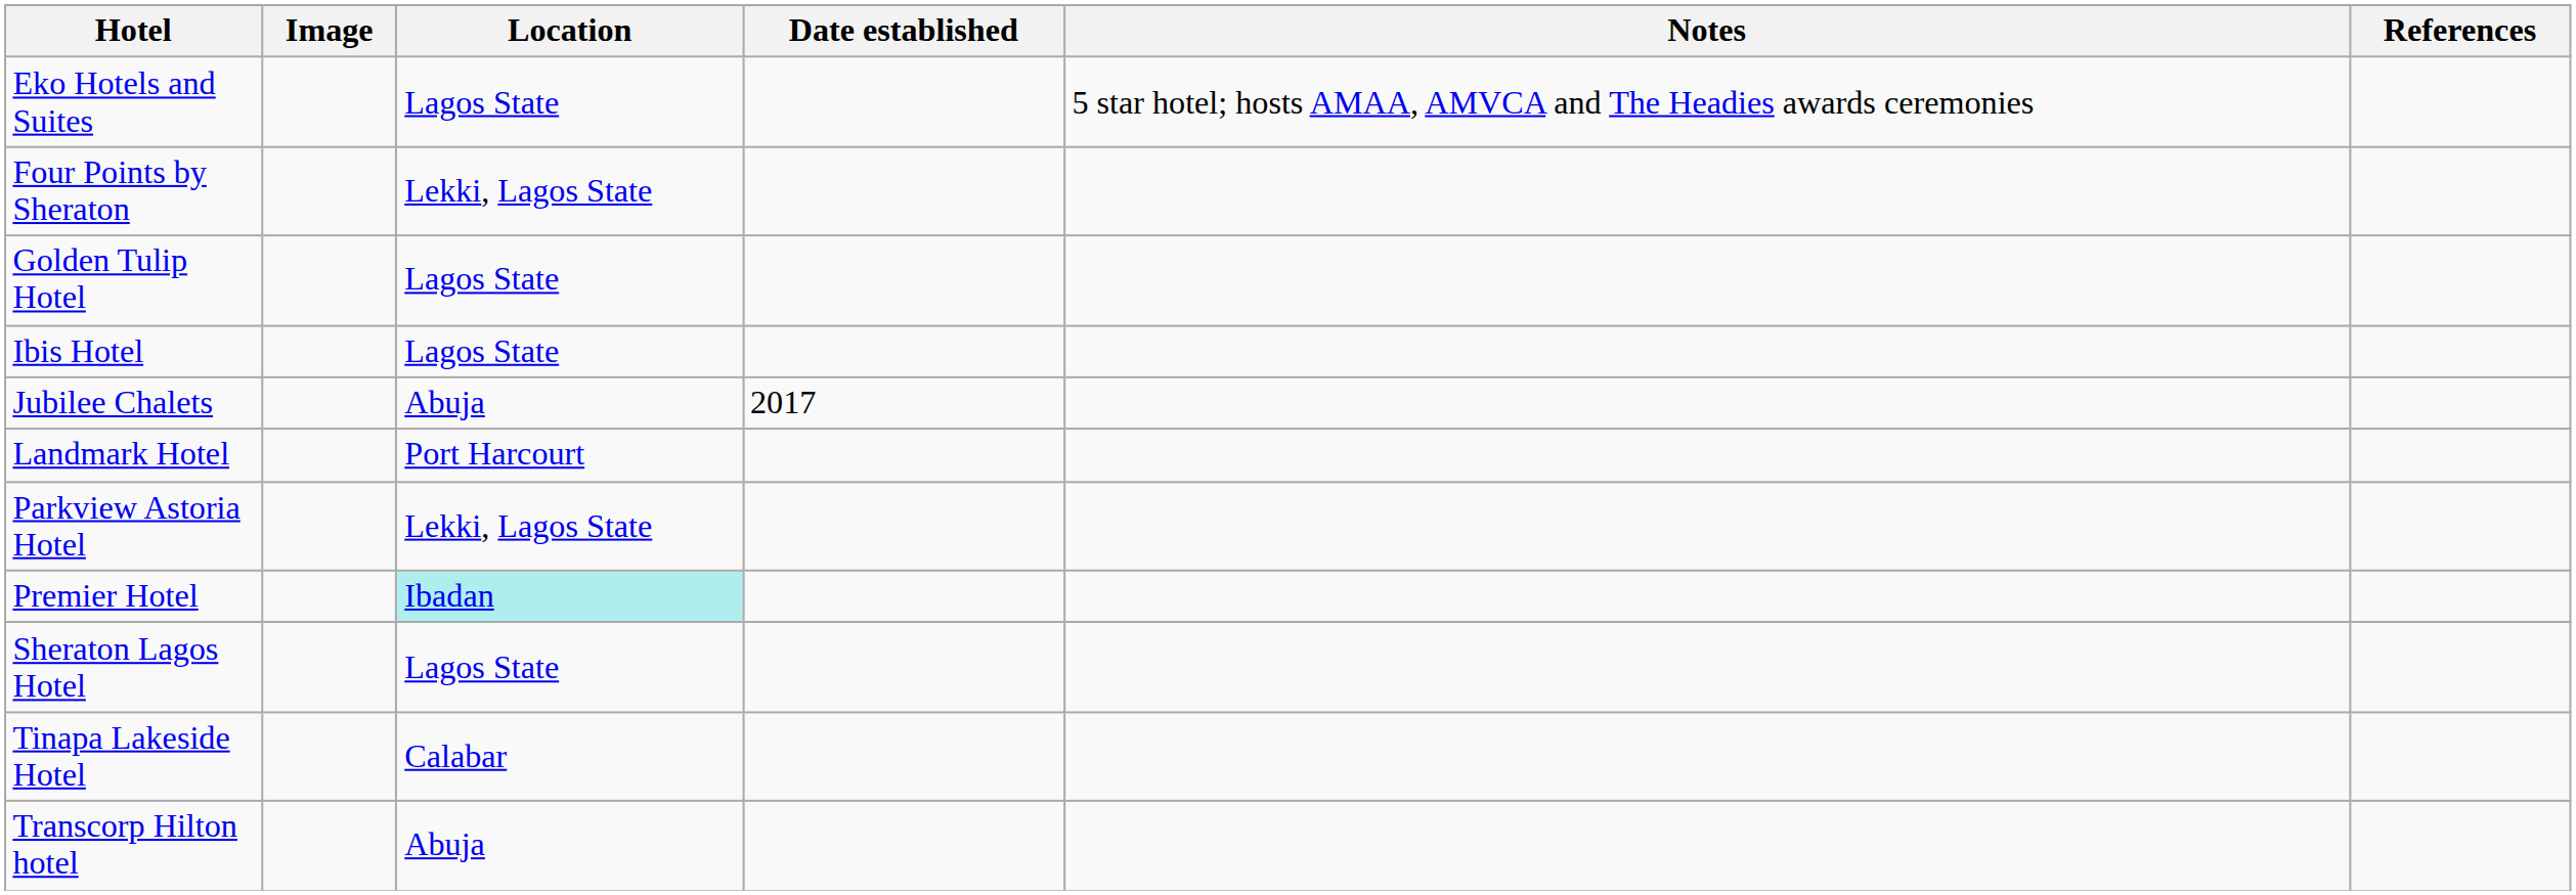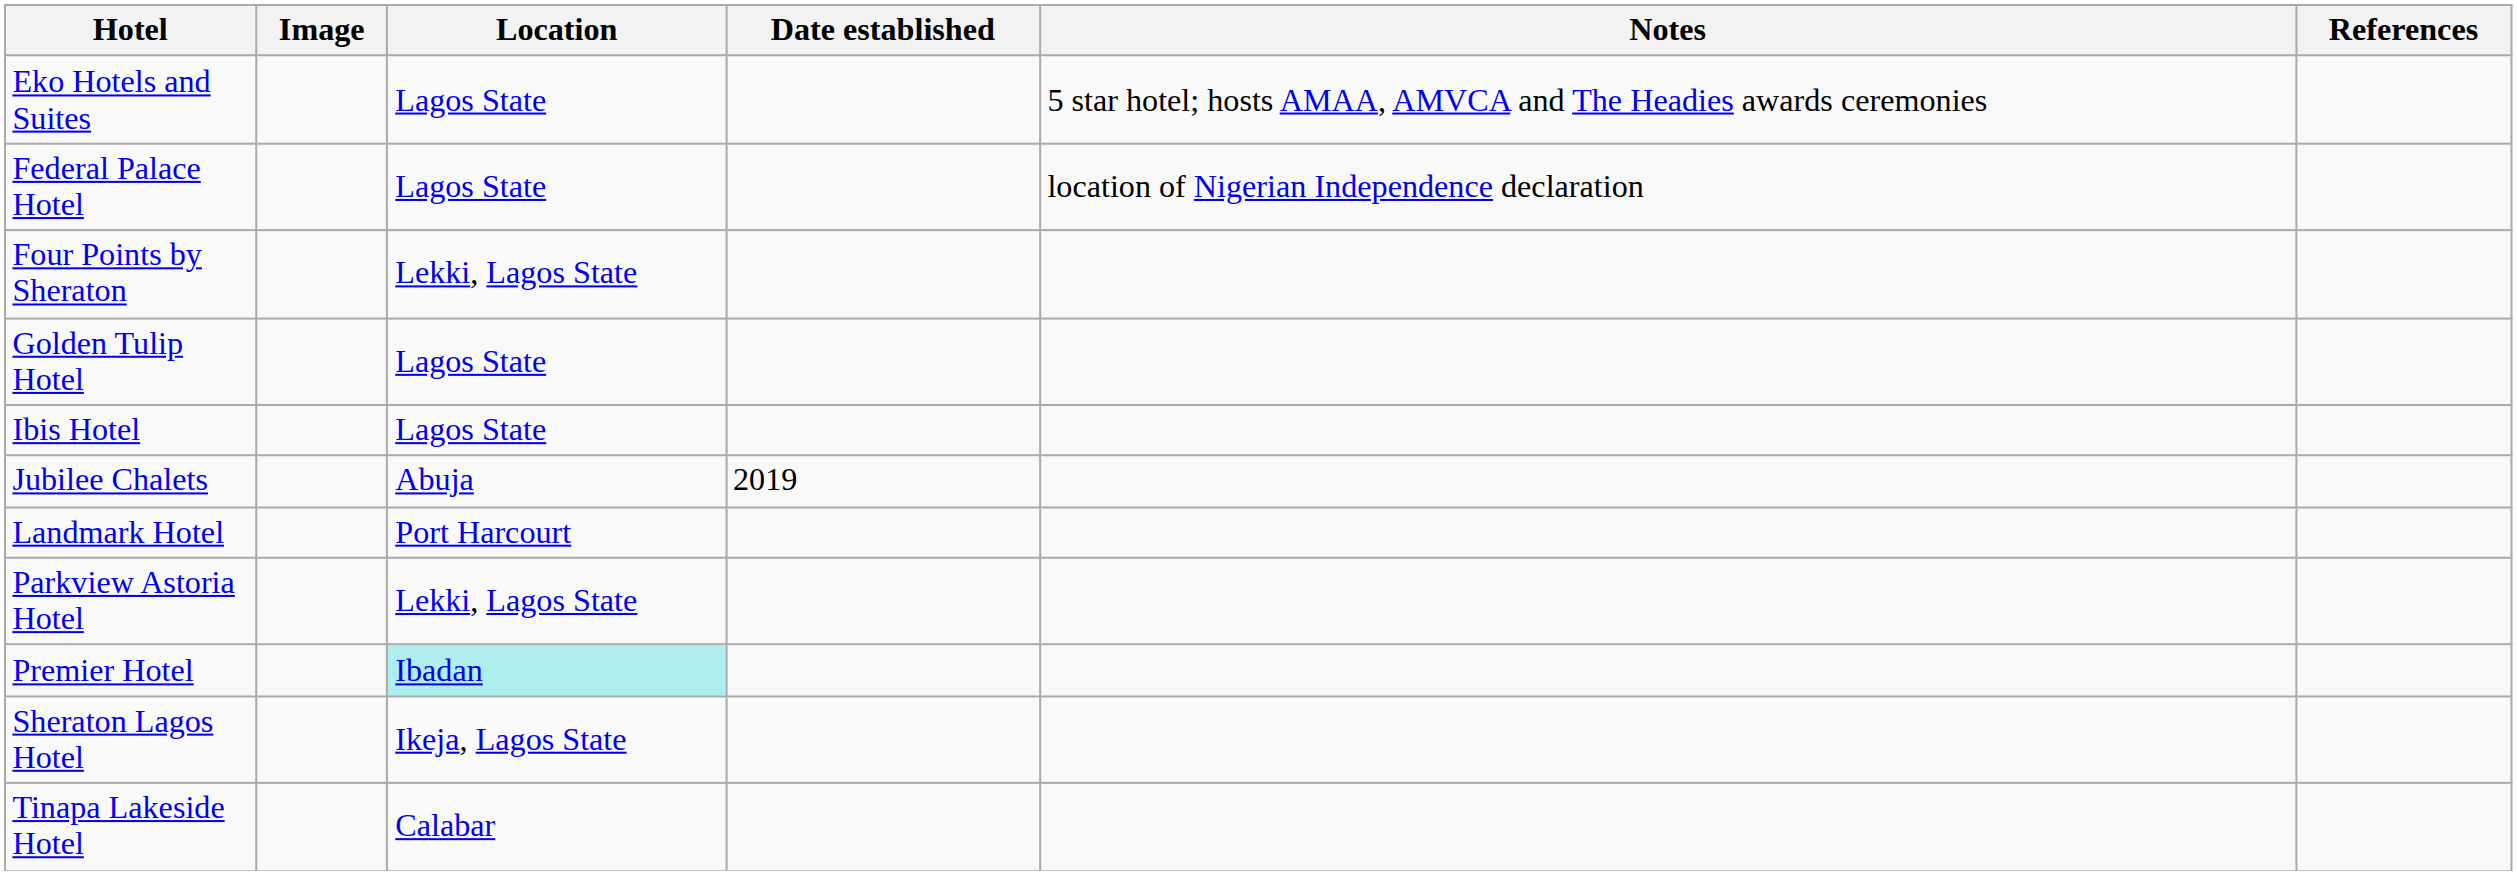 <table class="wikitable sortable">
 <tr>
 <th style="width:10%;">Hotel</th>
 <th>Image</th>
 <th>Location</th>
 <th>Date established</th>
 <th>Notes</th>
 <th>References</th>
 </tr>
 <tr>
 <td style="textalign:left;"><a href='#'>Eko Hotels and Suites</a></td>
 <td></td>
 <td><a href='#'>Lagos State</a></td>
 <td></td>
 <td>5 star hotel; hosts <a href='#'>AMAA</a>, <a href='#'>AMVCA</a> and <a href='#'>The Headies</a> awards ceremonies</td>
+<td></td>
+</tr>
+<tr>
+<td style="text-align:left;"><a href='#'>Federal Palace Hotel</a></td>
+<td></td>
+<td><a href='#'>Lagos State</a></td>
+<td></td>
+<td>location of <a href='#'>Nigerian Independence</a> declaration</td>
 <td></td>
 </tr>
 <tr>
 <td style="text-align:left;"><a href='#'>Four Points by Sheraton</a></td>
 <td></td>
 <td><a href='#'>Lekki</a>, <a href='#'>Lagos State</a></td>
 <td></td>
 <td></td>
 <td></td>
 </tr>
 <tr>
 <td><a href='#'>Golden Tulip Hotel</a></td>
 <td></td>
 <td><a href='#'>Lagos State</a></td>
 <td></td>
 <td></td>
 <td></td>
 </tr>
 <tr>
 <td style="text-align:left;"><a href='#'>Ibis Hotel</a></td>
 <td></td>
 <td><a href='#'>Lagos State</a></td>
 <td></td>
 <td></td>
 <td></td>
 </tr>
 <tr id="Jubilee Chalets">
 <td><a href='#'>Jubilee Chalets</a></td>
 <td></td>
 <td><a href='#'>Abuja</a></td>
-<td>2017</td>
+<td>2019</td>
 <td></td>
 <td></td>
 </tr>
 <tr>
 <td style="textalign:left;"><a href='#'>Landmark Hotel</a></td>
 <td></td>
 <td><a href='#'>Port Harcourt</a></td>
 <td></td>
 <td></td>
 <td></td>
 </tr>
 <tr>
 <td><a href='#'>Parkview Astoria Hotel</a></td>
 <td></td>
 <td><a href='#'>Lekki</a>, <a href='#'>Lagos State</a></td>
 <td></td>
 <td></td>
 <td></td>
 </tr>
 <tr>
 <td style="text-align:left;"><a href='#'>Premier Hotel</a></td>
 <td></td>
 <td style="background: paleturquoise;"><a href='#'>Ibadan</a></td>
 <td></td>
 <td></td>
 <td></td>
 </tr>
 <tr>
 <td style="text-align:left;"><a href='#'>Sheraton Lagos Hotel</a></td>
 <td></td>
-<td><a href='#'>Lagos State</a></td>
+<td><a href='#'>Ikeja</a>, <a href='#'>Lagos State</a></td>
 <td></td>
 <td></td>
 <td></td>
 </tr>
 <tr>
 <td style="textalign:left;"><a href='#'>Tinapa Lakeside Hotel</a></td>
 <td></td>
 <td><a href='#'>Calabar</a></td>
 <td></td>
 <td></td>
 <td></td>
 </tr>
-<tr>
-<td><a href='#'>Transcorp Hilton hotel</a></td>
-<td></td>
-<td><a href='#'>Abuja</a></td>
-<td></td>
-<td></td>
-<td></td>
-</tr>
 </table>
